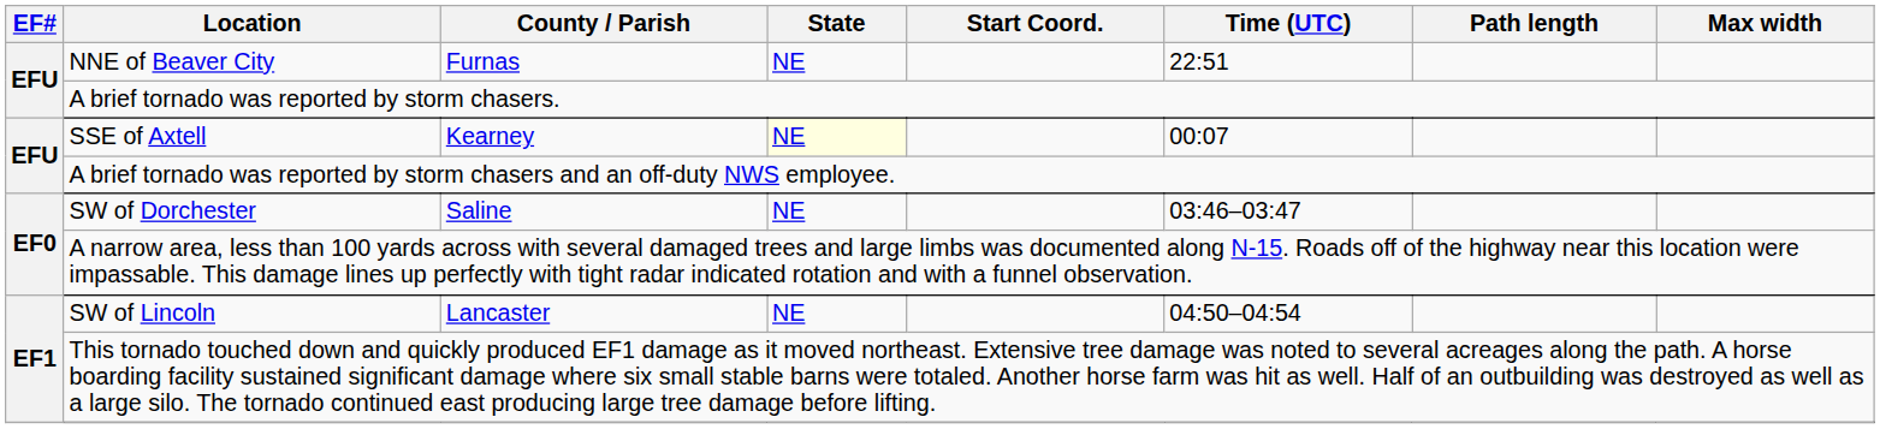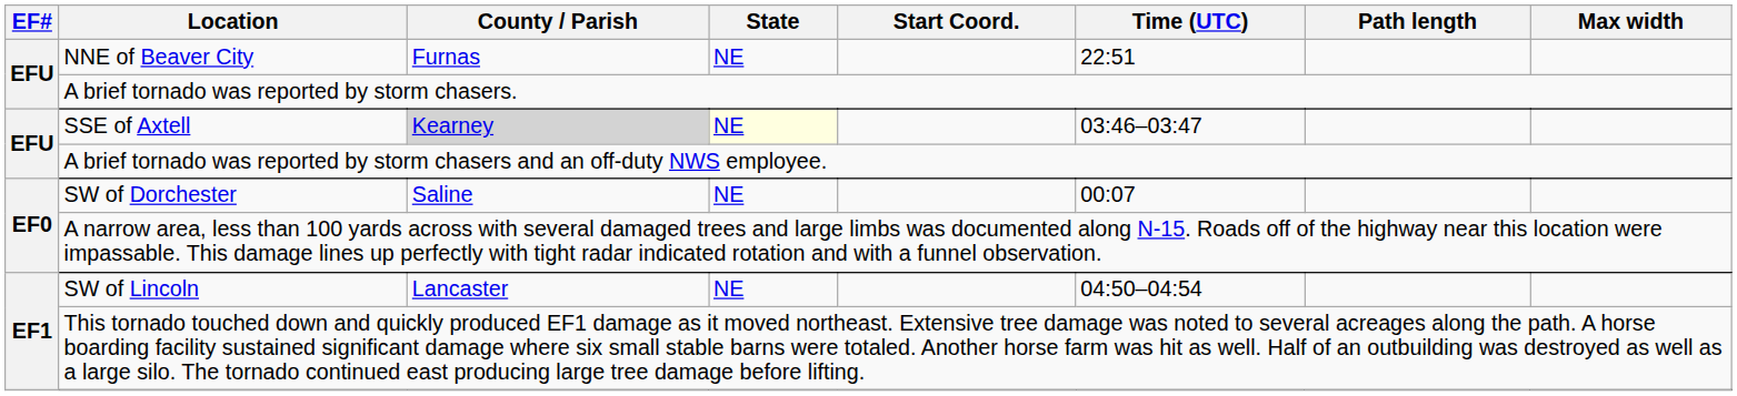 <table class="wikitable sortable" style="width:100%;">
 <tr>
 <th scope="col" width="2%" align="center"><a href='#'>EF#</a></th>
 <th scope="col" align="center" class="unsortable">Location</th>
 <th scope="col" align="center" class="unsortable">County / Parish</th>
 <th scope="col" align="center">State</th>
 <th scope="col" align="center">Start Coord.</th>
 <th scope="col" align="center">Time (<a href='#'>UTC</a>)</th>
 <th scope="col" align="center">Path length</th>
 <th scope="col" align="center">Max width</th>
 </tr>
 <tr>
 <th scope="row" rowspan="2" style="background-color:#">EFU</th>
 <td>NNE of <a href='#'>Beaver City</a></td>
 <td><a href='#'>Furnas</a></td>
 <td><a href='#'>NE</a></td>
 <td></td>
 <td>22:51</td>
 <td></td>
 <td></td>
 </tr>
 <tr class="expand-child">
 <td colspan="8" style=" border-bottom: 1px solid black;">A brief tornado was reported by storm chasers.</td>
 </tr>
 <tr>
 <th scope="row" rowspan="2" style="background-color:#">EFU</th>
 <td>SSE of <a href='#'>Axtell</a></td>
-<td><a href='#'>Kearney</a></td>
+<td style="background: lightgrey;"><a href='#'>Kearney</a></td>
 <td style="background: lightyellow;"><a href='#'>NE</a></td>
 <td></td>
-<td>00:07</td>
+<td>03:46–03:47</td>
 <td></td>
 <td></td>
 </tr>
 <tr class="expand-child">
 <td colspan="8" style=" border-bottom: 1px solid black;">A brief tornado was reported by storm chasers and an off-duty <a href='#'>NWS</a> employee.</td>
 </tr>
 <tr>
 <th scope="row" rowspan="2" style="background-color:#">EF0</th>
 <td>SW of <a href='#'>Dorchester</a></td>
 <td><a href='#'>Saline</a></td>
 <td><a href='#'>NE</a></td>
 <td></td>
-<td>03:46–03:47</td>
+<td>00:07</td>
 <td></td>
 <td></td>
 </tr>
 <tr class="expand-child">
 <td colspan="8" style=" border-bottom: 1px solid black;">A narrow area, less than 100 yards across with several damaged trees and large limbs was documented along <a href='#'>N-15</a>. Roads off of the highway near this location were impassable. This damage lines up perfectly with tight radar indicated rotation and with a funnel observation.</td>
 </tr>
 <tr>
 <th scope="row" rowspan="2" style="background-color:#">EF1</th>
 <td>SW of <a href='#'>Lincoln</a></td>
 <td><a href='#'>Lancaster</a></td>
 <td><a href='#'>NE</a></td>
 <td></td>
 <td>04:50–04:54</td>
 <td></td>
 <td></td>
 </tr>
 <tr class="expand-child">
 <td colspan="8" style=" border-bottom: 1px solid black;">This tornado touched down and quickly produced EF1 damage as it moved northeast. Extensive tree damage was noted to several acreages along the path. A horse boarding facility sustained significant damage where six small stable barns were totaled. Another horse farm was hit as well. Half of an outbuilding was destroyed as well as a large silo. The tornado continued east producing large tree damage before lifting.</td>
 </tr>
 <tr>
 </tr>
 </table>
